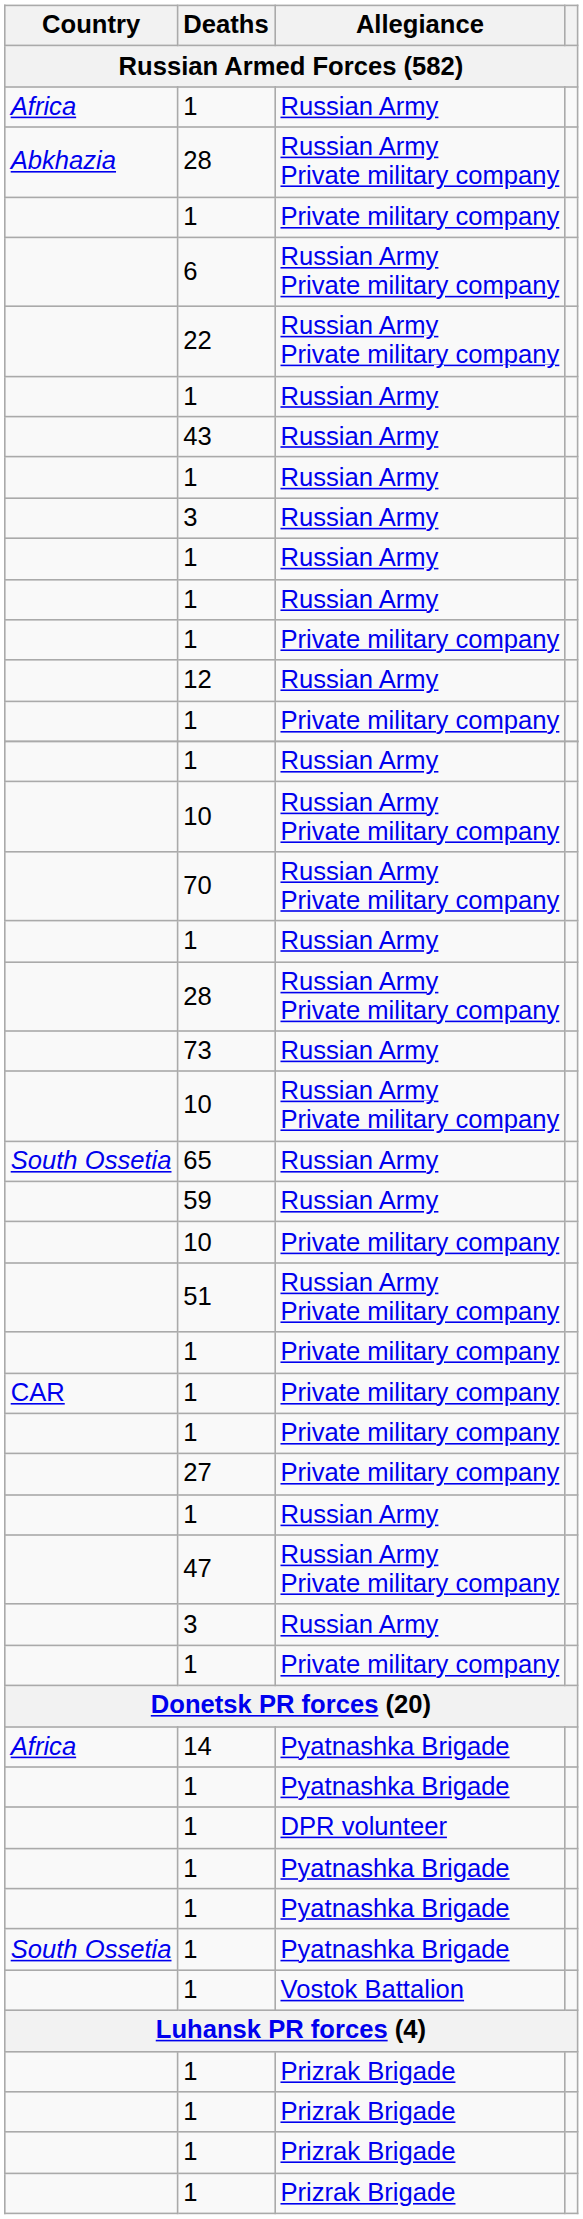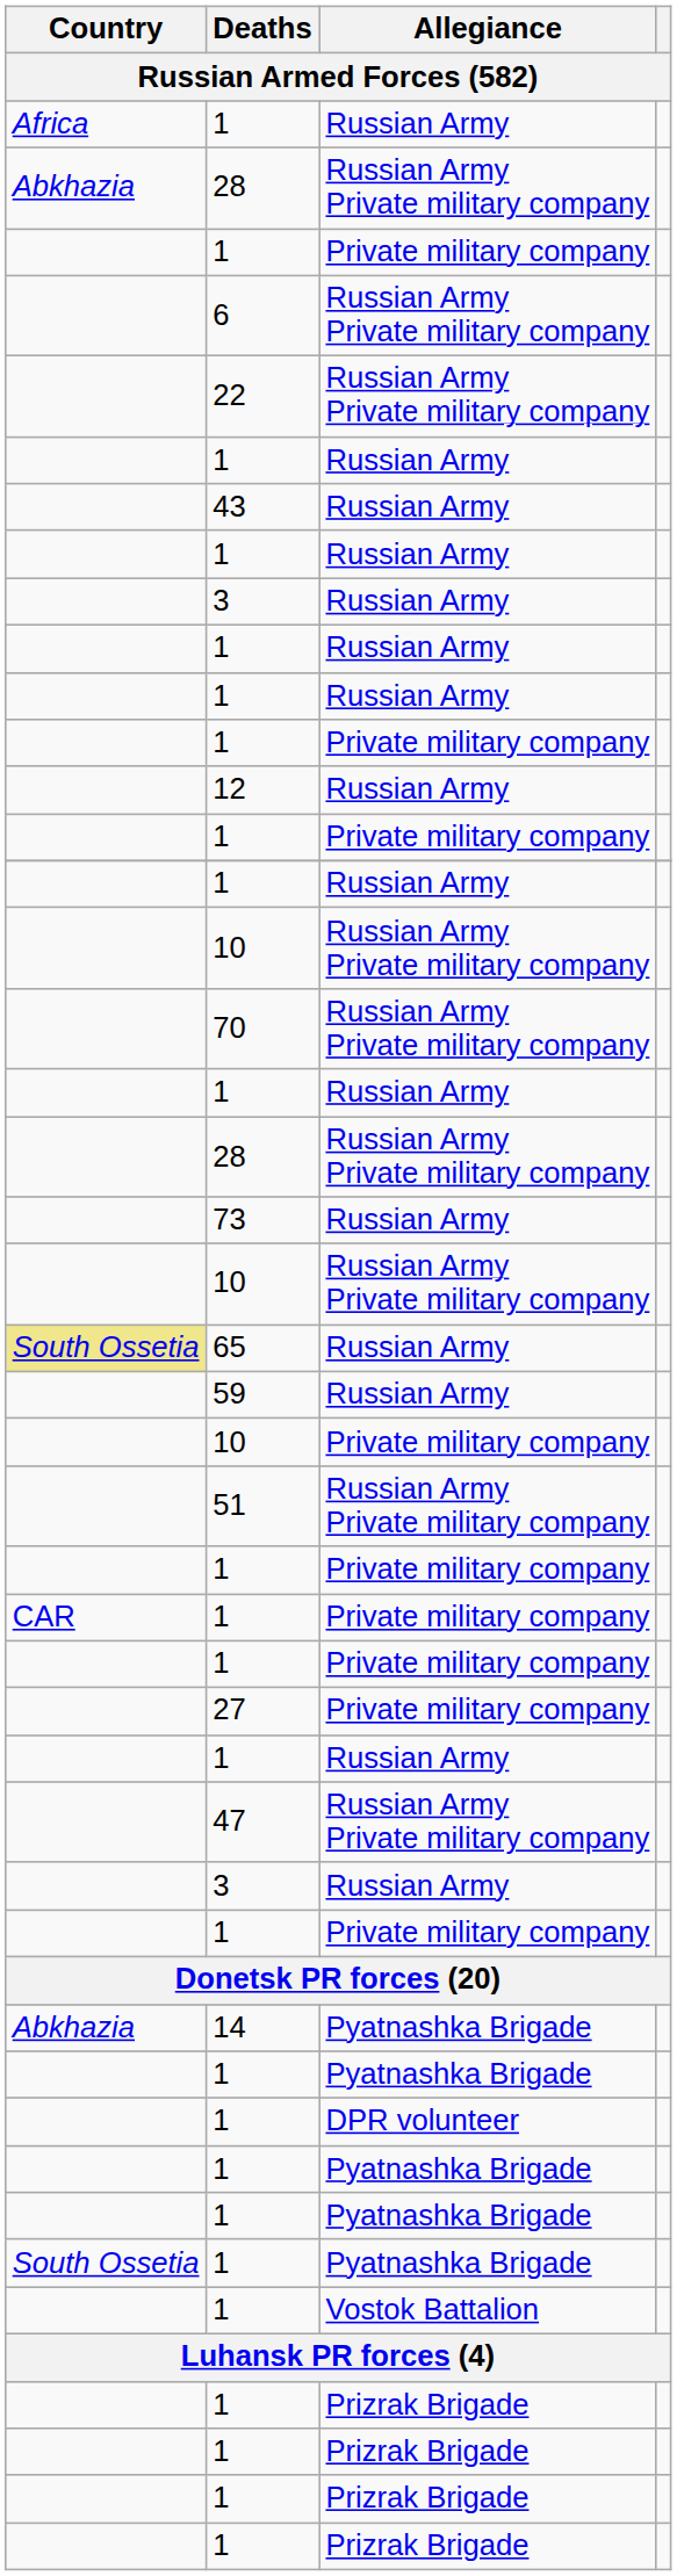 <table class="wikitable sortable" style="display:inline-table;">
 <tr>
 <th>Country</th>
 <th>Deaths</th>
 <th>Allegiance</th>
 <th class="unsortable"></th>
 </tr>
 <tr>
 <th colspan="5">Russian Armed Forces (582)</th>
 </tr>
 <tr>
 <td><em><a href='#'>Africa</a></em></td>
 <td>1</td>
 <td><a href='#'>Russian Army</a></td>
 <td></td>
 </tr>
 <tr>
 <td><em><a href='#'>Abkhazia</a></em></td>
 <td>28</td>
 <td><a href='#'>Russian Army</a><br><a href='#'>Private military company</a></td>
 <td></td>
 </tr>
 <tr>
 <td></td>
 <td>1</td>
 <td><a href='#'>Private military company</a></td>
 <td></td>
 </tr>
 <tr>
 <td></td>
 <td>6</td>
 <td><a href='#'>Russian Army</a><br><a href='#'>Private military company</a></td>
 <td><br></td>
 </tr>
 <tr>
 <td></td>
 <td>22</td>
 <td><a href='#'>Russian Army</a><br><a href='#'>Private military company</a></td>
 <td></td>
 </tr>
 <tr>
 <td></td>
 <td>1</td>
 <td><a href='#'>Russian Army</a></td>
 <td></td>
 </tr>
 <tr>
 <td></td>
 <td>43</td>
 <td><a href='#'>Russian Army</a></td>
 <td></td>
 </tr>
 <tr>
 <td></td>
 <td>1</td>
 <td><a href='#'>Russian Army</a></td>
 <td></td>
 </tr>
 <tr>
 <td></td>
 <td>3</td>
 <td><a href='#'>Russian Army</a></td>
 <td></td>
 </tr>
 <tr>
 <td></td>
 <td>1</td>
 <td><a href='#'>Russian Army</a></td>
 <td></td>
 </tr>
 <tr>
 <td></td>
 <td>1</td>
 <td><a href='#'>Russian Army</a></td>
 <td></td>
 </tr>
 <tr>
 <td></td>
 <td>1</td>
 <td><a href='#'>Private military company</a></td>
 <td></td>
 </tr>
 <tr>
 <td></td>
 <td>12</td>
 <td><a href='#'>Russian Army</a></td>
 <td></td>
 </tr>
 <tr>
 <td></td>
 <td>1</td>
 <td><a href='#'>Private military company</a></td>
 <td></td>
 </tr>
 <tr>
 </tr>
 <tr>
 <td></td>
 <td>1</td>
 <td><a href='#'>Russian Army</a></td>
 <td></td>
 </tr>
 <tr>
 <td></td>
 <td>10</td>
 <td><a href='#'>Russian Army</a><br><a href='#'>Private military company</a></td>
 <td></td>
 </tr>
 <tr>
 <td></td>
 <td>70</td>
 <td><a href='#'>Russian Army</a><br><a href='#'>Private military company</a></td>
 <td></td>
 </tr>
 <tr>
 <td></td>
 <td>1</td>
 <td><a href='#'>Russian Army</a></td>
 <td></td>
 </tr>
 <tr>
 <td></td>
 <td>28</td>
 <td><a href='#'>Russian Army</a><br><a href='#'>Private military company</a></td>
 <td></td>
 </tr>
 <tr>
 <td></td>
 <td>73</td>
 <td><a href='#'>Russian Army</a></td>
 <td></td>
 </tr>
 <tr>
 <td></td>
 <td>10</td>
 <td><a href='#'>Russian Army</a><br><a href='#'>Private military company</a></td>
 <td><br></td>
 </tr>
 <tr>
-<td><em><a href='#'>South Ossetia</a></em></td>
+<td style="background: khaki;"><em><a href='#'>South Ossetia</a></em></td>
 <td>65</td>
 <td><a href='#'>Russian Army</a></td>
 <td></td>
 </tr>
 <tr>
 <td></td>
 <td>59</td>
 <td><a href='#'>Russian Army</a></td>
 <td></td>
 </tr>
 <tr>
 <td></td>
 <td>10</td>
 <td><a href='#'>Private military company</a></td>
 <td></td>
 </tr>
 <tr>
 <td></td>
 <td>51</td>
 <td><a href='#'>Russian Army</a><br><a href='#'>Private military company</a></td>
 <td></td>
 </tr>
 <tr>
 <td></td>
 <td>1</td>
 <td><a href='#'>Private military company</a></td>
 <td></td>
 </tr>
 <tr>
 <td> <a href='#'>CAR</a></td>
 <td>1</td>
 <td><a href='#'>Private military company</a></td>
 <td></td>
 </tr>
 <tr>
 <td></td>
 <td>1</td>
 <td><a href='#'>Private military company</a></td>
 <td></td>
 </tr>
 <tr>
 <td></td>
 <td>27</td>
 <td><a href='#'>Private military company</a></td>
 <td></td>
 </tr>
 <tr>
 <td></td>
 <td>1</td>
 <td><a href='#'>Russian Army</a></td>
 <td></td>
 </tr>
 <tr>
 <td></td>
 <td>47</td>
 <td><a href='#'>Russian Army</a><br><a href='#'>Private military company</a></td>
 <td></td>
 </tr>
 <tr>
 <td></td>
 <td>3</td>
 <td><a href='#'>Russian Army</a></td>
 <td></td>
 </tr>
 <tr>
 <td></td>
 <td>1</td>
 <td><a href='#'>Private military company</a></td>
 <td></td>
 </tr>
 <tr>
 <th colspan="4"><a href='#'>Donetsk PR forces</a> (20)</th>
 </tr>
 <tr>
-<td><em><a href='#'>Africa</a></em></td>
+<td><em><a href='#'>Abkhazia</a></em></td>
 <td>14</td>
 <td><a href='#'>Pyatnashka Brigade</a></td>
 <td></td>
 </tr>
 <tr>
 <td></td>
 <td>1</td>
 <td><a href='#'>Pyatnashka Brigade</a></td>
 <td></td>
 </tr>
 <tr>
 <td></td>
 <td>1</td>
 <td><a href='#'>DPR volunteer</a></td>
 <td></td>
 </tr>
 <tr>
 <td></td>
 <td>1</td>
 <td><a href='#'>Pyatnashka Brigade</a></td>
 <td></td>
 </tr>
 <tr>
 <td></td>
 <td>1</td>
 <td><a href='#'>Pyatnashka Brigade</a></td>
 <td></td>
 </tr>
 <tr>
 <td><em><a href='#'>South Ossetia</a></em></td>
 <td>1</td>
 <td><a href='#'>Pyatnashka Brigade</a></td>
 <td></td>
 </tr>
 <tr>
 <td></td>
 <td>1</td>
 <td><a href='#'>Vostok Battalion</a></td>
 <td></td>
 </tr>
 <tr>
 <th colspan="4"><a href='#'>Luhansk PR forces</a> (4)</th>
 </tr>
 <tr>
 <td></td>
 <td>1</td>
 <td><a href='#'>Prizrak Brigade</a></td>
 <td></td>
 </tr>
 <tr>
 <td></td>
 <td>1</td>
 <td><a href='#'>Prizrak Brigade</a></td>
 <td></td>
 </tr>
 <tr>
 <td></td>
 <td>1</td>
 <td><a href='#'>Prizrak Brigade</a></td>
 <td></td>
 </tr>
 <tr>
 <td></td>
 <td>1</td>
 <td><a href='#'>Prizrak Brigade</a></td>
 <td></td>
 </tr>
 </table>
